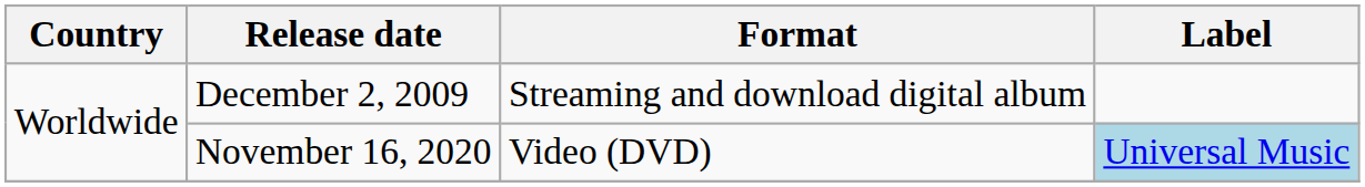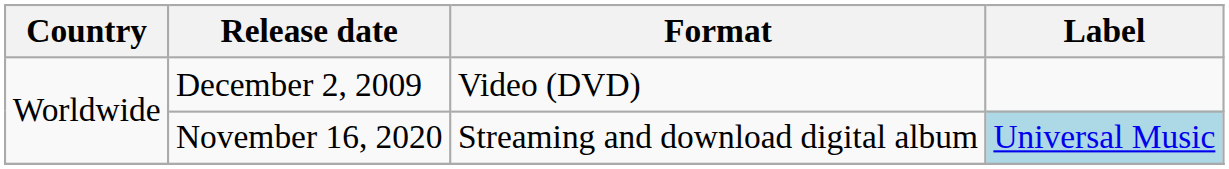 <table class="wikitable">
 <tr>
 <th>Country</th>
 <th>Release date</th>
 <th>Format</th>
 <th>Label</th>
 </tr>
 <tr>
 <td rowspan="2">Worldwide</td>
 <td>December 2, 2009</td>
-<td>Streaming and download digital album</td>
+<td>Video (DVD)</td>
 <td></td>
 </tr>
 <tr>
 <td>November 16, 2020</td>
-<td>Video (DVD)</td>
+<td>Streaming and download digital album</td>
 <td style="background: lightblue;"><a href='#'>Universal Music</a></td>
 </tr>
 <tr>
 </tr>
 </table>
